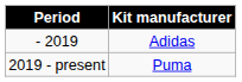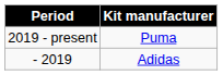 <table class="wikitable" style="font-size: 95%; text-align:center;">
 <tr>
 <th scope=col style="color:#FFFFFF; background:#000000">Period</th>
 <th scope=col style="color:#FFFFFF; background:#000000">Kit manufacturer</th>
 </tr>
 <tr>
+<td>2019 - present</td>
+<td> <a href='#'>Puma</a></td>
+</tr>
+<tr>
 <td>- 2019</td>
 <td> <a href='#'>Adidas</a></td>
 </tr>
-<tr>
-<td>2019 - present</td>
-<td> <a href='#'>Puma</a></td>
-</tr>
 </table>
